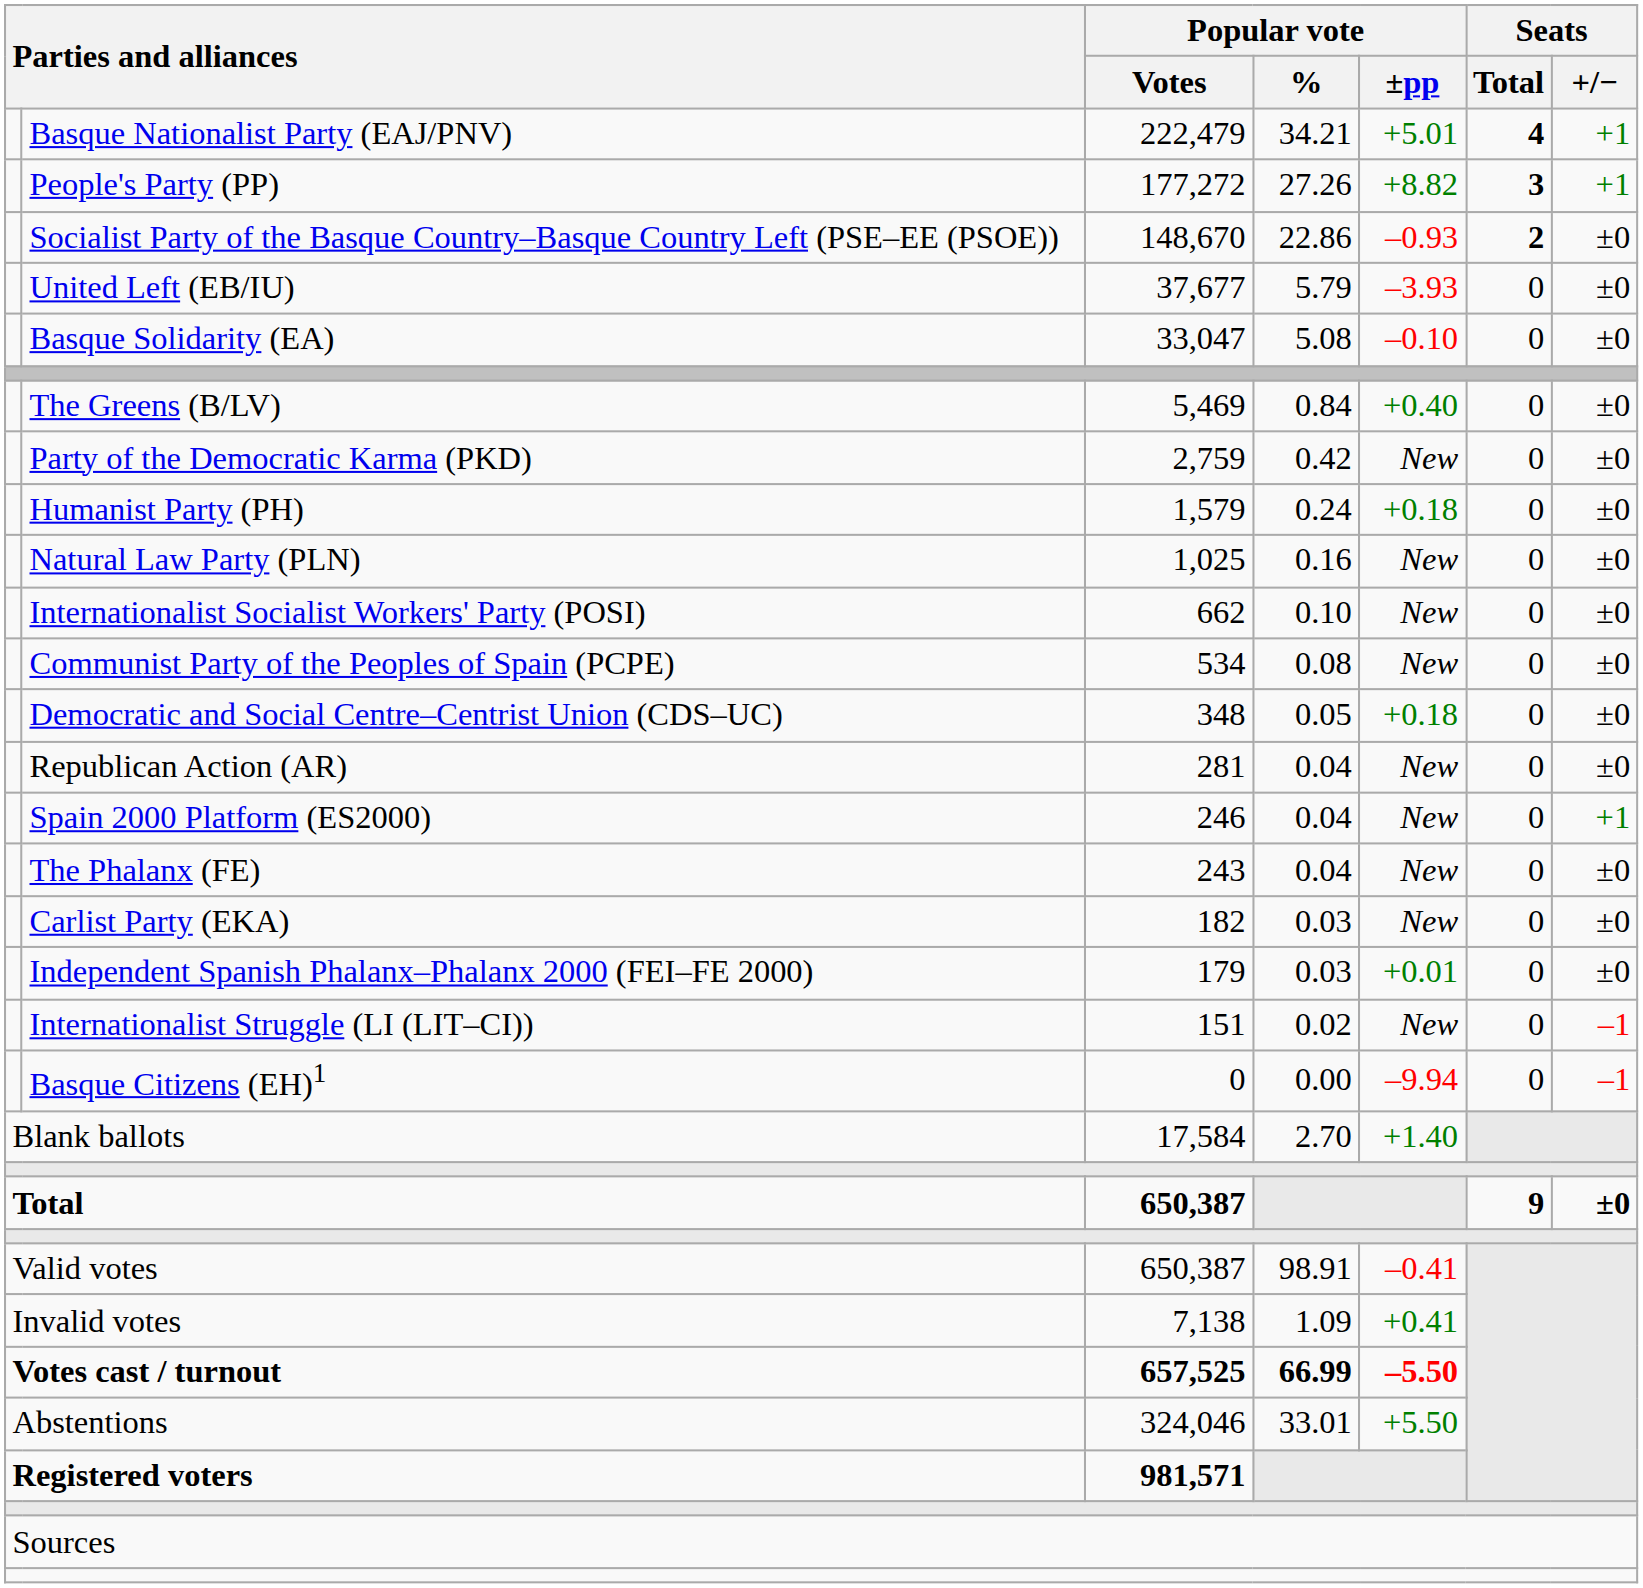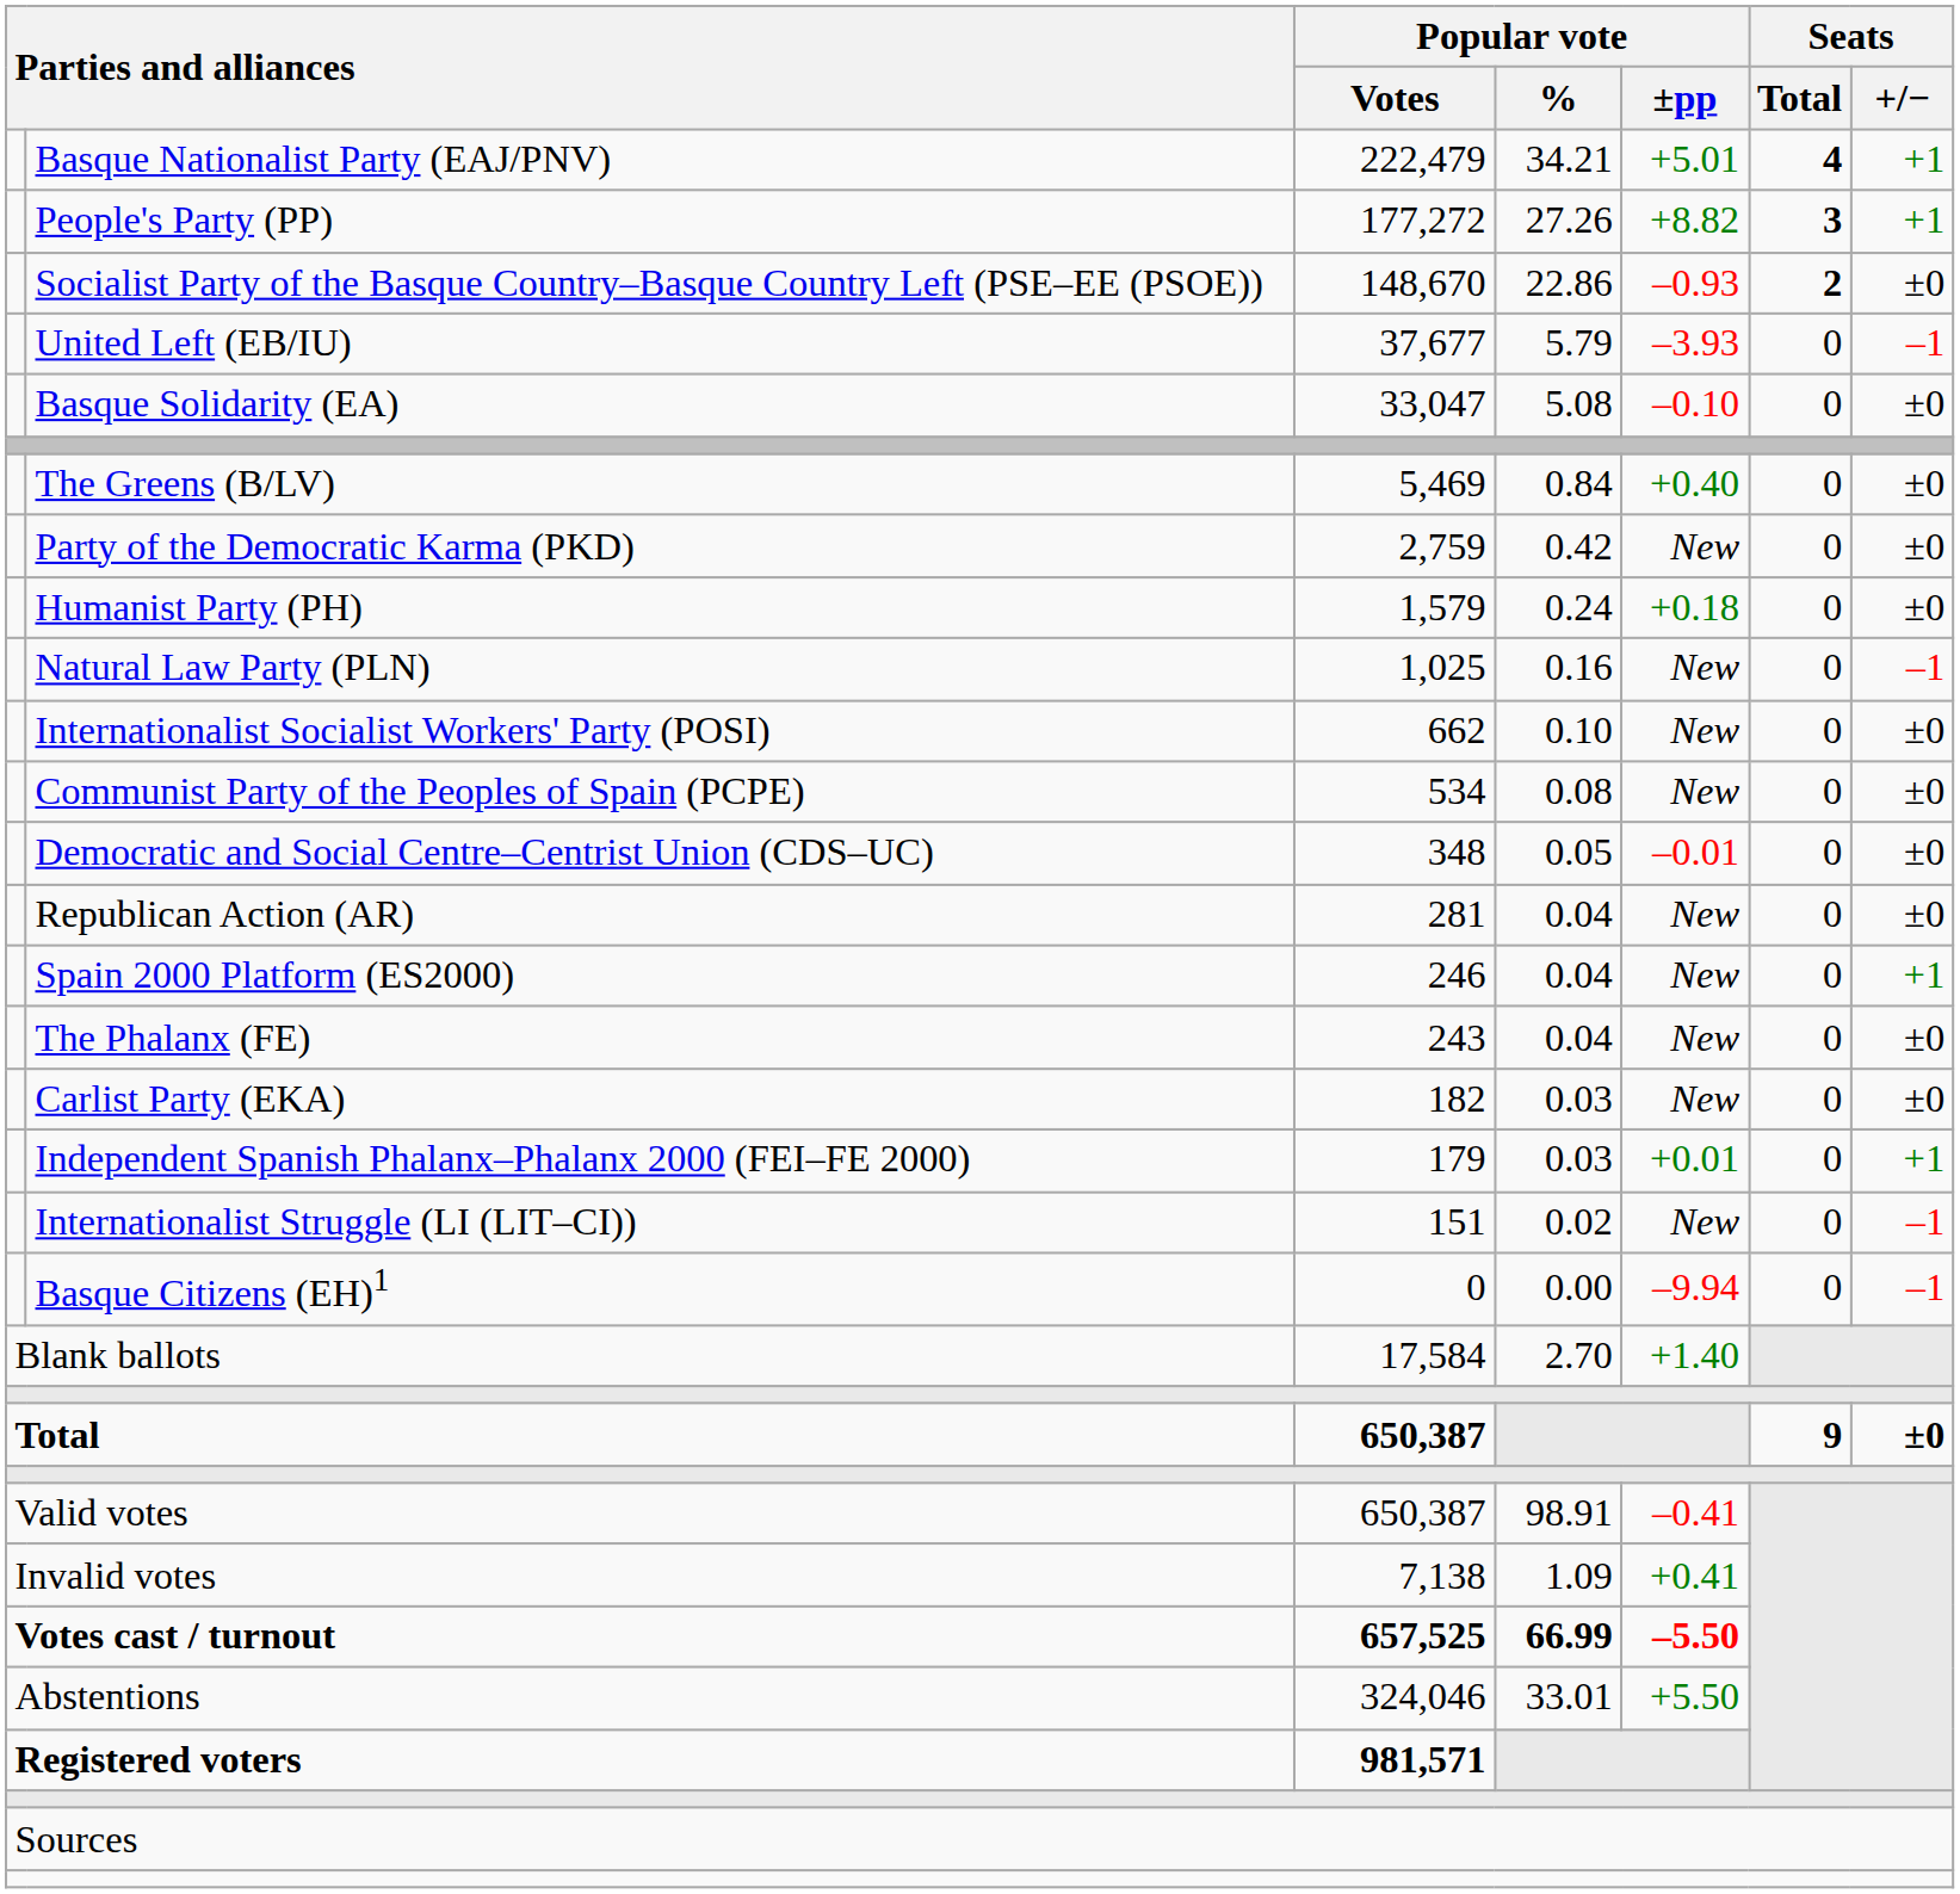 <table class="wikitable" style="text-align:right;">
 <tr>
 <th style="text-align:left;" rowspan="2" colspan="2" width="525">Parties and alliances</th>
 <th colspan="3">Popular vote</th>
 <th colspan="2">Seats</th>
 </tr>
 <tr>
 <th width="75">Votes</th>
 <th width="45">%</th>
 <th width="45">±<a href='#'>pp</a></th>
 <th width="35">Total</th>
 <th width="35">+/−</th>
 </tr>
 <tr>
 <td width="1" style="color:inherit;background:"></td>
 <td align="left"><a href='#'>Basque Nationalist Party</a> (EAJ/PNV)</td>
 <td>222,479</td>
 <td>34.21</td>
 <td style="color:green;">+5.01</td>
 <td><strong>4</strong></td>
 <td style="color:green;">+1</td>
 </tr>
 <tr>
 <td style="color:inherit;background:"></td>
 <td align="left"><a href='#'>People's Party</a> (PP)</td>
 <td>177,272</td>
 <td>27.26</td>
 <td style="color:green;">+8.82</td>
 <td><strong>3</strong></td>
 <td style="color:green;">+1</td>
 </tr>
 <tr>
 <td style="color:inherit;background:"></td>
 <td align="left"><a href='#'>Socialist Party of the Basque Country–Basque Country Left</a> (PSE–EE (PSOE))</td>
 <td>148,670</td>
 <td>22.86</td>
 <td style="color:red;">–0.93</td>
 <td><strong>2</strong></td>
 <td>±0</td>
 </tr>
 <tr>
 <td style="color:inherit;background:"></td>
 <td align="left"><a href='#'>United Left</a> (EB/IU)</td>
 <td>37,677</td>
 <td>5.79</td>
 <td style="color:red;">–3.93</td>
 <td>0</td>
-<td>±0</td>
+<td style="color:red;">–1</td>
 </tr>
 <tr>
 <td style="color:inherit;background:"></td>
 <td align="left"><a href='#'>Basque Solidarity</a> (EA)</td>
 <td>33,047</td>
 <td>5.08</td>
 <td style="color:red;">–0.10</td>
 <td>0</td>
 <td>±0</td>
 </tr>
 <tr>
 <td colspan="7" bgcolor="#C0C0C0"></td>
 </tr>
 <tr>
 <td style="color:inherit;background:"></td>
 <td align="left"><a href='#'>The Greens</a> (B/LV)</td>
 <td>5,469</td>
 <td>0.84</td>
 <td style="color:green;">+0.40</td>
 <td>0</td>
 <td>±0</td>
 </tr>
 <tr>
 <td style="color:inherit;background:"></td>
 <td align="left"><a href='#'>Party of the Democratic Karma</a> (PKD)</td>
 <td>2,759</td>
 <td>0.42</td>
 <td><em>New</em></td>
 <td>0</td>
 <td>±0</td>
 </tr>
 <tr>
 <td style="color:inherit;background:"></td>
 <td align="left"><a href='#'>Humanist Party</a> (PH)</td>
 <td>1,579</td>
 <td>0.24</td>
 <td style="color:green;">+0.18</td>
 <td>0</td>
 <td>±0</td>
 </tr>
 <tr>
 <td style="color:inherit;background:"></td>
 <td align="left"><a href='#'>Natural Law Party</a> (PLN)</td>
 <td>1,025</td>
 <td>0.16</td>
 <td><em>New</em></td>
 <td>0</td>
-<td>±0</td>
+<td style="color:red;">–1</td>
 </tr>
 <tr>
 <td style="color:inherit;background:"></td>
 <td align="left"><a href='#'>Internationalist Socialist Workers' Party</a> (POSI)</td>
 <td>662</td>
 <td>0.10</td>
 <td><em>New</em></td>
 <td>0</td>
 <td>±0</td>
 </tr>
 <tr>
 <td style="color:inherit;background:"></td>
 <td align="left"><a href='#'>Communist Party of the Peoples of Spain</a> (PCPE)</td>
 <td>534</td>
 <td>0.08</td>
 <td><em>New</em></td>
 <td>0</td>
 <td>±0</td>
 </tr>
 <tr>
 <td style="color:inherit;background:"></td>
 <td align="left"><a href='#'>Democratic and Social Centre–Centrist Union</a> (CDS–UC)</td>
 <td>348</td>
 <td>0.05</td>
-<td style="color:green;">+0.18</td>
+<td style="color:red;">–0.01</td>
 <td>0</td>
 <td>±0</td>
 </tr>
 <tr>
 <td style="color:inherit;background:"></td>
 <td align="left">Republican Action (AR)</td>
 <td>281</td>
 <td>0.04</td>
 <td><em>New</em></td>
 <td>0</td>
 <td>±0</td>
 </tr>
 <tr>
 <td style="color:inherit;background:"></td>
 <td align="left"><a href='#'>Spain 2000 Platform</a> (ES2000)</td>
 <td>246</td>
 <td>0.04</td>
 <td><em>New</em></td>
 <td>0</td>
 <td style="color:green;">+1</td>
 </tr>
 <tr>
 <td style="color:inherit;background:"></td>
 <td align="left"><a href='#'>The Phalanx</a> (FE)</td>
 <td>243</td>
 <td>0.04</td>
 <td><em>New</em></td>
 <td>0</td>
 <td>±0</td>
 </tr>
 <tr>
 <td style="color:inherit;background:"></td>
 <td align="left"><a href='#'>Carlist Party</a> (EKA)</td>
 <td>182</td>
 <td>0.03</td>
 <td><em>New</em></td>
 <td>0</td>
 <td>±0</td>
 </tr>
 <tr>
 <td style="color:inherit;background:"></td>
 <td align="left"><a href='#'>Independent Spanish Phalanx–Phalanx 2000</a> (FEI–FE 2000)</td>
 <td>179</td>
 <td>0.03</td>
 <td style="color:green;">+0.01</td>
 <td>0</td>
-<td>±0</td>
+<td style="color:green;">+1</td>
 </tr>
 <tr>
 <td style="color:inherit;background:"></td>
 <td align="left"><a href='#'>Internationalist Struggle</a> (LI (LIT–CI))</td>
 <td>151</td>
 <td>0.02</td>
 <td><em>New</em></td>
 <td>0</td>
 <td style="color:red;">–1</td>
 </tr>
 <tr>
 <td style="color:inherit;background:"></td>
 <td align="left"><a href='#'>Basque Citizens</a> (EH)<sup>1</sup></td>
 <td>0</td>
 <td>0.00</td>
 <td style="color:red;">–9.94</td>
 <td>0</td>
 <td style="color:red;">–1</td>
 </tr>
 <tr>
 <td align="left" colspan="2">Blank ballots</td>
 <td>17,584</td>
 <td>2.70</td>
 <td style="color:green;">+1.40</td>
 <td bgcolor="#E9E9E9" colspan="2"></td>
 </tr>
 <tr>
 <td colspan="7" bgcolor="#E9E9E9"></td>
 </tr>
 <tr style="font-weight:bold;">
 <td align="left" colspan="2">Total</td>
 <td>650,387</td>
 <td bgcolor="#E9E9E9" colspan="2"></td>
 <td>9</td>
 <td>±0</td>
 </tr>
 <tr>
 <td colspan="7" bgcolor="#E9E9E9"></td>
 </tr>
 <tr>
 <td align="left" colspan="2">Valid votes</td>
 <td>650,387</td>
 <td>98.91</td>
 <td style="color:red;">–0.41</td>
 <td bgcolor="#E9E9E9" colspan="2" rowspan="5"></td>
 </tr>
 <tr>
 <td align="left" colspan="2">Invalid votes</td>
 <td>7,138</td>
 <td>1.09</td>
 <td style="color:green;">+0.41</td>
 </tr>
 <tr style="font-weight:bold;">
 <td align="left" colspan="2">Votes cast / turnout</td>
 <td>657,525</td>
 <td>66.99</td>
 <td style="color:red;">–5.50</td>
 </tr>
 <tr>
 <td align="left" colspan="2">Abstentions</td>
 <td>324,046</td>
 <td>33.01</td>
 <td style="color:green;">+5.50</td>
 </tr>
 <tr style="font-weight:bold;">
 <td align="left" colspan="2">Registered voters</td>
 <td>981,571</td>
 <td bgcolor="#E9E9E9" colspan="2"></td>
 </tr>
 <tr>
 <td colspan="7" bgcolor="#E9E9E9"></td>
 </tr>
 <tr>
 <td align="left" colspan="7">Sources</td>
 </tr>
 <tr>
 <td colspan="7" style="text-align:left; max-width:790px;"></td>
 </tr>
 </table>
